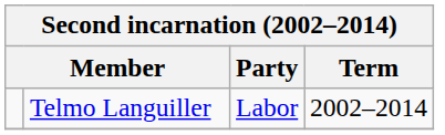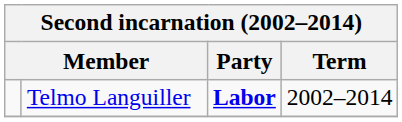 <table class="wikitable">
 <tr>
 <th colspan="4">Second incarnation (2002–2014)</th>
 </tr>
 <tr>
 <th colspan="2">Member</th>
 <th>Party</th>
 <th>Term</th>
 </tr>
 <tr>
 <td> </td>
 <td><a href='#'>Telmo Languiller</a>  </td>
-<td><a href='#'>Labor</a></td>
+<td><strong><a href='#'>Labor</a></strong></td>
 <td>2002–2014</td>
 </tr>
 <tr>
 </tr>
 </table>
